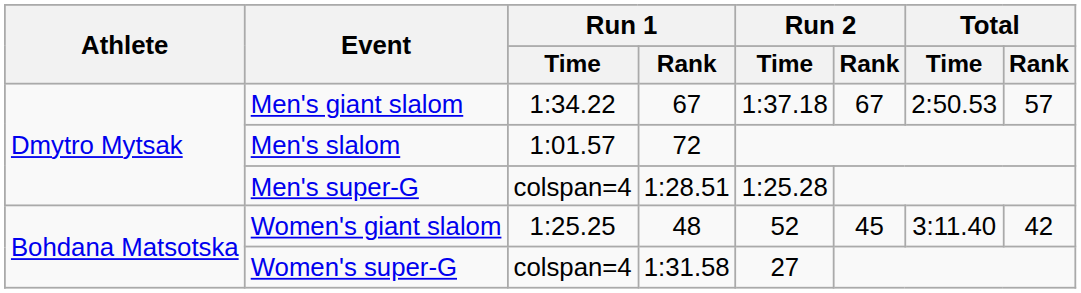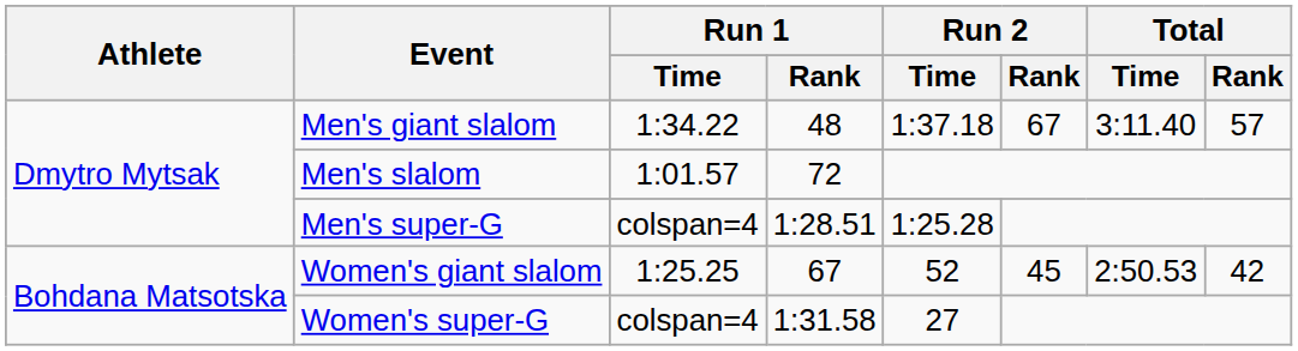 <table class="wikitable" style="font-size:90%">
 <tr>
 <th rowspan=2>Athlete</th>
 <th rowspan=2>Event</th>
 <th colspan=2>Run 1</th>
 <th colspan=2>Run 2</th>
 <th colspan=2>Total</th>
 </tr>
 <tr style="font-size:95%">
 <th>Time</th>
 <th>Rank</th>
 <th>Time</th>
 <th>Rank</th>
 <th>Time</th>
 <th>Rank</th>
 </tr>
 <tr align=center>
 <td align=left rowspan=3><a href='#'>Dmytro Mytsak</a></td>
 <td align=left><a href='#'>Men's giant slalom</a></td>
 <td>1:34.22</td>
-<td>67</td>
+<td>48</td>
 <td>1:37.18</td>
 <td>67</td>
-<td>2:50.53</td>
+<td>3:11.40</td>
 <td>57</td>
 </tr>
 <tr align=center>
 <td align=left><a href='#'>Men's slalom</a></td>
 <td>1:01.57</td>
 <td>72</td>
 <td colspan=4></td>
 </tr>
 <tr align=center>
 <td align=left><a href='#'>Men's super-G</a></td>
 <td>colspan=4 </td>
 <td>1:28.51</td>
 <td>1:25.28</td>
 </tr>
 <tr align=center>
 <td align=left rowspan=3><a href='#'>Bohdana Matsotska</a></td>
 <td align=left><a href='#'>Women's giant slalom</a></td>
 <td>1:25.25</td>
-<td>48</td>
+<td>67</td>
 <td>52</td>
 <td>45</td>
-<td>3:11.40</td>
+<td>2:50.53</td>
 <td>42</td>
 </tr>
 <tr align=center>
 <td align=left><a href='#'>Women's super-G</a></td>
 <td>colspan=4 </td>
 <td>1:31.58</td>
 <td>27</td>
 </tr>
 </table>
